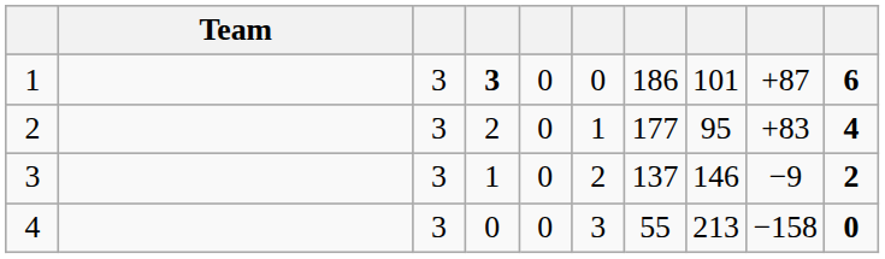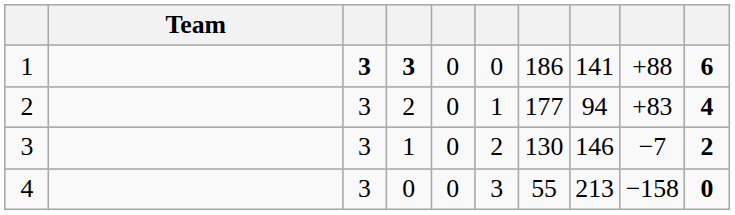 <table class=wikitable style=text-align:center>
 <tr>
 <th width=20 abbr=Position></th>
 <th width=175>Team</th>
 <th width=20 abbr=Played></th>
 <th width=20 abbr=Won></th>
 <th width=20 abbr=Drawn></th>
 <th width=20 abbr=Lost></th>
 <th width=20 abbr=Goal For></th>
 <th width=20 abbr=Goal Against></th>
 <th width=20 abbr=Goal Difference></th>
 <th width=20 abbr=Points></th>
 </tr>
 <tr>
 <td>1 </td>
 <td align=left></td>
-<td>3</td>
+<td><strong>3</strong></td>
 <td><strong>3</strong></td>
 <td>0</td>
 <td>0</td>
 <td>186</td>
-<td>101</td>
-<td>+87</td>
+<td>141</td>
+<td>+88</td>
 <td><strong>6</strong></td>
 </tr>
 <tr>
 <td>2 </td>
 <td align=left></td>
 <td>3</td>
 <td>2</td>
 <td>0</td>
 <td>1</td>
 <td>177</td>
-<td>95</td>
+<td>94</td>
 <td>+83</td>
 <td><strong>4</strong></td>
 </tr>
 <tr>
 <td>3 </td>
 <td align=left></td>
 <td>3</td>
 <td>1</td>
 <td>0</td>
 <td>2</td>
-<td>137</td>
+<td>130</td>
 <td>146</td>
-<td>−9</td>
+<td>−7</td>
 <td><strong>2</strong></td>
 </tr>
 <tr>
 <td>4 </td>
 <td align=left></td>
 <td>3</td>
 <td>0</td>
 <td>0</td>
 <td>3</td>
 <td>55</td>
 <td>213</td>
 <td>−158</td>
 <td><strong>0</strong></td>
 </tr>
 </table>
